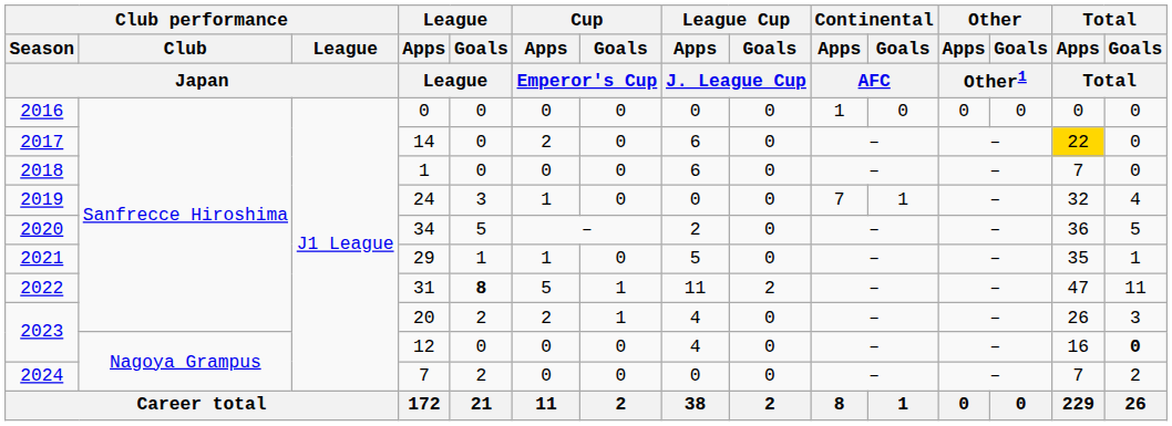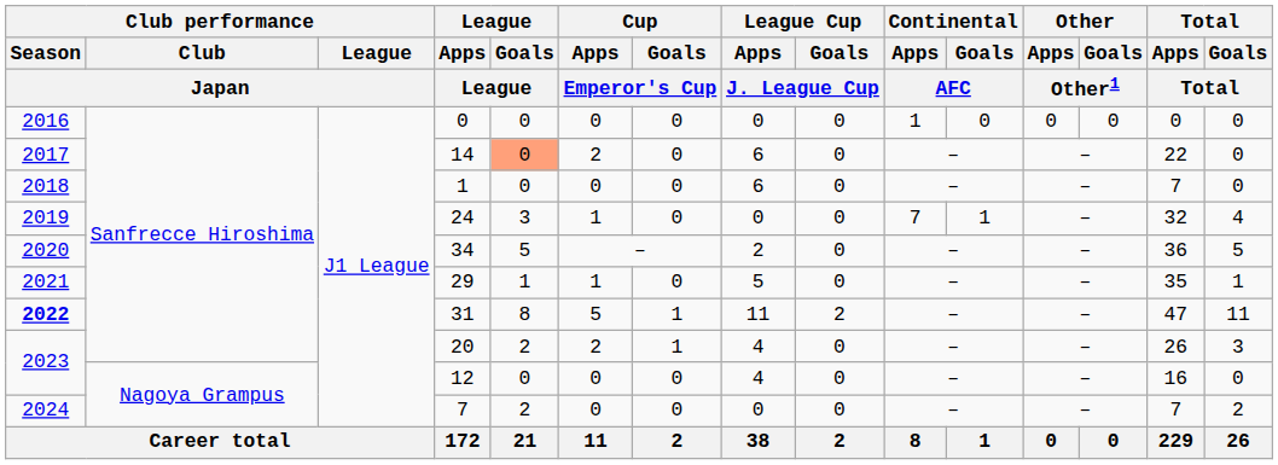 <table class="wikitable" style="text-align:center">
 <tr>
 <th colspan=3>Club performance</th>
 <th colspan=2>League</th>
 <th colspan=2>Cup</th>
 <th colspan=2>League Cup</th>
 <th colspan=2>Continental</th>
 <th colspan=2>Other</th>
 <th colspan=2>Total</th>
 </tr>
 <tr>
 <th>Season</th>
 <th>Club</th>
 <th>League</th>
 <th>Apps</th>
 <th>Goals</th>
 <th>Apps</th>
 <th>Goals</th>
 <th>Apps</th>
 <th>Goals</th>
 <th>Apps</th>
 <th>Goals</th>
 <th>Apps</th>
 <th>Goals</th>
 <th>Apps</th>
 <th>Goals</th>
 </tr>
 <tr>
 <th colspan=3>Japan</th>
 <th colspan=2>League</th>
 <th colspan=2><a href='#'>Emperor's Cup</a></th>
 <th colspan=2><a href='#'>J. League Cup</a></th>
 <th colspan=2><a href='#'>AFC</a></th>
 <th colspan="2">Other<sup><a href='#'>1</a></sup></th>
 <th colspan=2>Total</th>
 </tr>
 <tr>
 <td><a href='#'>2016</a></td>
 <td rowspan="8"><a href='#'>Sanfrecce Hiroshima</a></td>
 <td rowspan="10"><a href='#'>J1 League</a></td>
 <td>0</td>
 <td>0</td>
 <td>0</td>
 <td>0</td>
 <td>0</td>
 <td>0</td>
 <td>1</td>
 <td>0</td>
 <td>0</td>
 <td>0</td>
 <td>0</td>
 <td>0</td>
 </tr>
 <tr>
 <td><a href='#'>2017</a></td>
 <td>14</td>
-<td>0</td>
+<td style="background: lightsalmon;">0</td>
 <td>2</td>
 <td>0</td>
 <td>6</td>
 <td>0</td>
 <td colspan="2">–</td>
 <td colspan="2">–</td>
-<td style="background: gold;">22</td>
+<td>22</td>
 <td>0</td>
 </tr>
 <tr>
 <td><a href='#'>2018</a></td>
 <td>1</td>
 <td>0</td>
 <td>0</td>
 <td>0</td>
 <td>6</td>
 <td>0</td>
 <td colspan="2">–</td>
 <td colspan="2">–</td>
 <td>7</td>
 <td>0</td>
 </tr>
 <tr>
 <td><a href='#'>2019</a></td>
 <td>24</td>
 <td>3</td>
 <td>1</td>
 <td>0</td>
 <td>0</td>
 <td>0</td>
 <td>7</td>
 <td>1</td>
 <td colspan="2">–</td>
 <td>32</td>
 <td>4</td>
 </tr>
 <tr>
 <td><a href='#'>2020</a></td>
 <td>34</td>
 <td>5</td>
 <td colspan="2">–</td>
 <td>2</td>
 <td>0</td>
 <td colspan="2">–</td>
 <td colspan="2">–</td>
 <td>36</td>
 <td>5</td>
 </tr>
 <tr>
 <td><a href='#'>2021</a></td>
 <td>29</td>
 <td>1</td>
 <td>1</td>
 <td>0</td>
 <td>5</td>
 <td>0</td>
 <td colspan="2">–</td>
 <td colspan="2">–</td>
 <td>35</td>
 <td>1</td>
 </tr>
 <tr>
-<td><a href='#'>2022</a></td>
+<td><strong><a href='#'>2022</a></strong></td>
 <td>31</td>
-<td><strong>8</strong></td>
+<td>8</td>
 <td>5</td>
 <td>1</td>
 <td>11</td>
 <td>2</td>
 <td colspan="2">–</td>
 <td colspan="2">–</td>
 <td>47</td>
 <td>11</td>
 </tr>
 <tr>
 <td rowspan="2"><a href='#'>2023</a></td>
 <td>20</td>
 <td>2</td>
 <td>2</td>
 <td>1</td>
 <td>4</td>
 <td>0</td>
 <td colspan="2">–</td>
 <td colspan="2">–</td>
 <td>26</td>
 <td>3</td>
 </tr>
 <tr>
 <td rowspan="2"><a href='#'>Nagoya Grampus</a></td>
 <td>12</td>
 <td>0</td>
 <td>0</td>
 <td>0</td>
 <td>4</td>
 <td>0</td>
 <td colspan="2">–</td>
 <td colspan="2">–</td>
 <td>16</td>
-<td><strong>0</strong></td>
+<td>0</td>
 </tr>
 <tr>
 <td><a href='#'>2024</a></td>
 <td>7</td>
 <td>2</td>
 <td>0</td>
 <td>0</td>
 <td>0</td>
 <td>0</td>
 <td colspan="2">–</td>
 <td colspan="2">–</td>
 <td>7</td>
 <td>2</td>
 </tr>
 <tr>
 <th colspan="3">Career total</th>
 <th>172</th>
 <th>21</th>
 <th>11</th>
 <th>2</th>
 <th>38</th>
 <th>2</th>
 <th>8</th>
 <th>1</th>
 <th>0</th>
 <th>0</th>
 <th>229</th>
 <th>26</th>
 </tr>
 </table>
